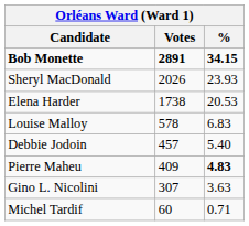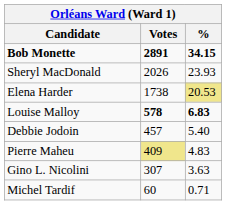 <table class="wikitable">
 <tr>
 <th colspan="3"><a href='#'>Orléans Ward</a> (Ward 1)</th>
 </tr>
 <tr>
 <th style="width: 170px">Candidate</th>
 <th style="width: 50px">Votes</th>
 <th style="width: 40px">%</th>
 </tr>
 <tr>
 <td><strong>Bob Monette</strong></td>
 <td><strong>2891</strong></td>
 <td><strong>34.15</strong></td>
 </tr>
 <tr>
 <td>Sheryl MacDonald</td>
 <td>2026</td>
 <td>23.93</td>
 </tr>
 <tr>
 <td>Elena Harder</td>
 <td>1738</td>
-<td>20.53</td>
+<td style="background: khaki;">20.53</td>
 </tr>
 <tr>
 <td>Louise Malloy</td>
-<td>578</td>
-<td>6.83</td>
+<td><strong>578</strong></td>
+<td><strong>6.83</strong></td>
 </tr>
 <tr>
 <td>Debbie Jodoin</td>
 <td>457</td>
 <td>5.40</td>
 </tr>
 <tr>
 <td>Pierre Maheu</td>
-<td>409</td>
-<td><strong>4.83</strong></td>
+<td style="background: khaki;">409</td>
+<td>4.83</td>
 </tr>
 <tr>
 <td>Gino L. Nicolini</td>
 <td>307</td>
 <td>3.63</td>
 </tr>
 <tr>
 <td>Michel Tardif</td>
 <td>60</td>
 <td>0.71</td>
 </tr>
 </table>
